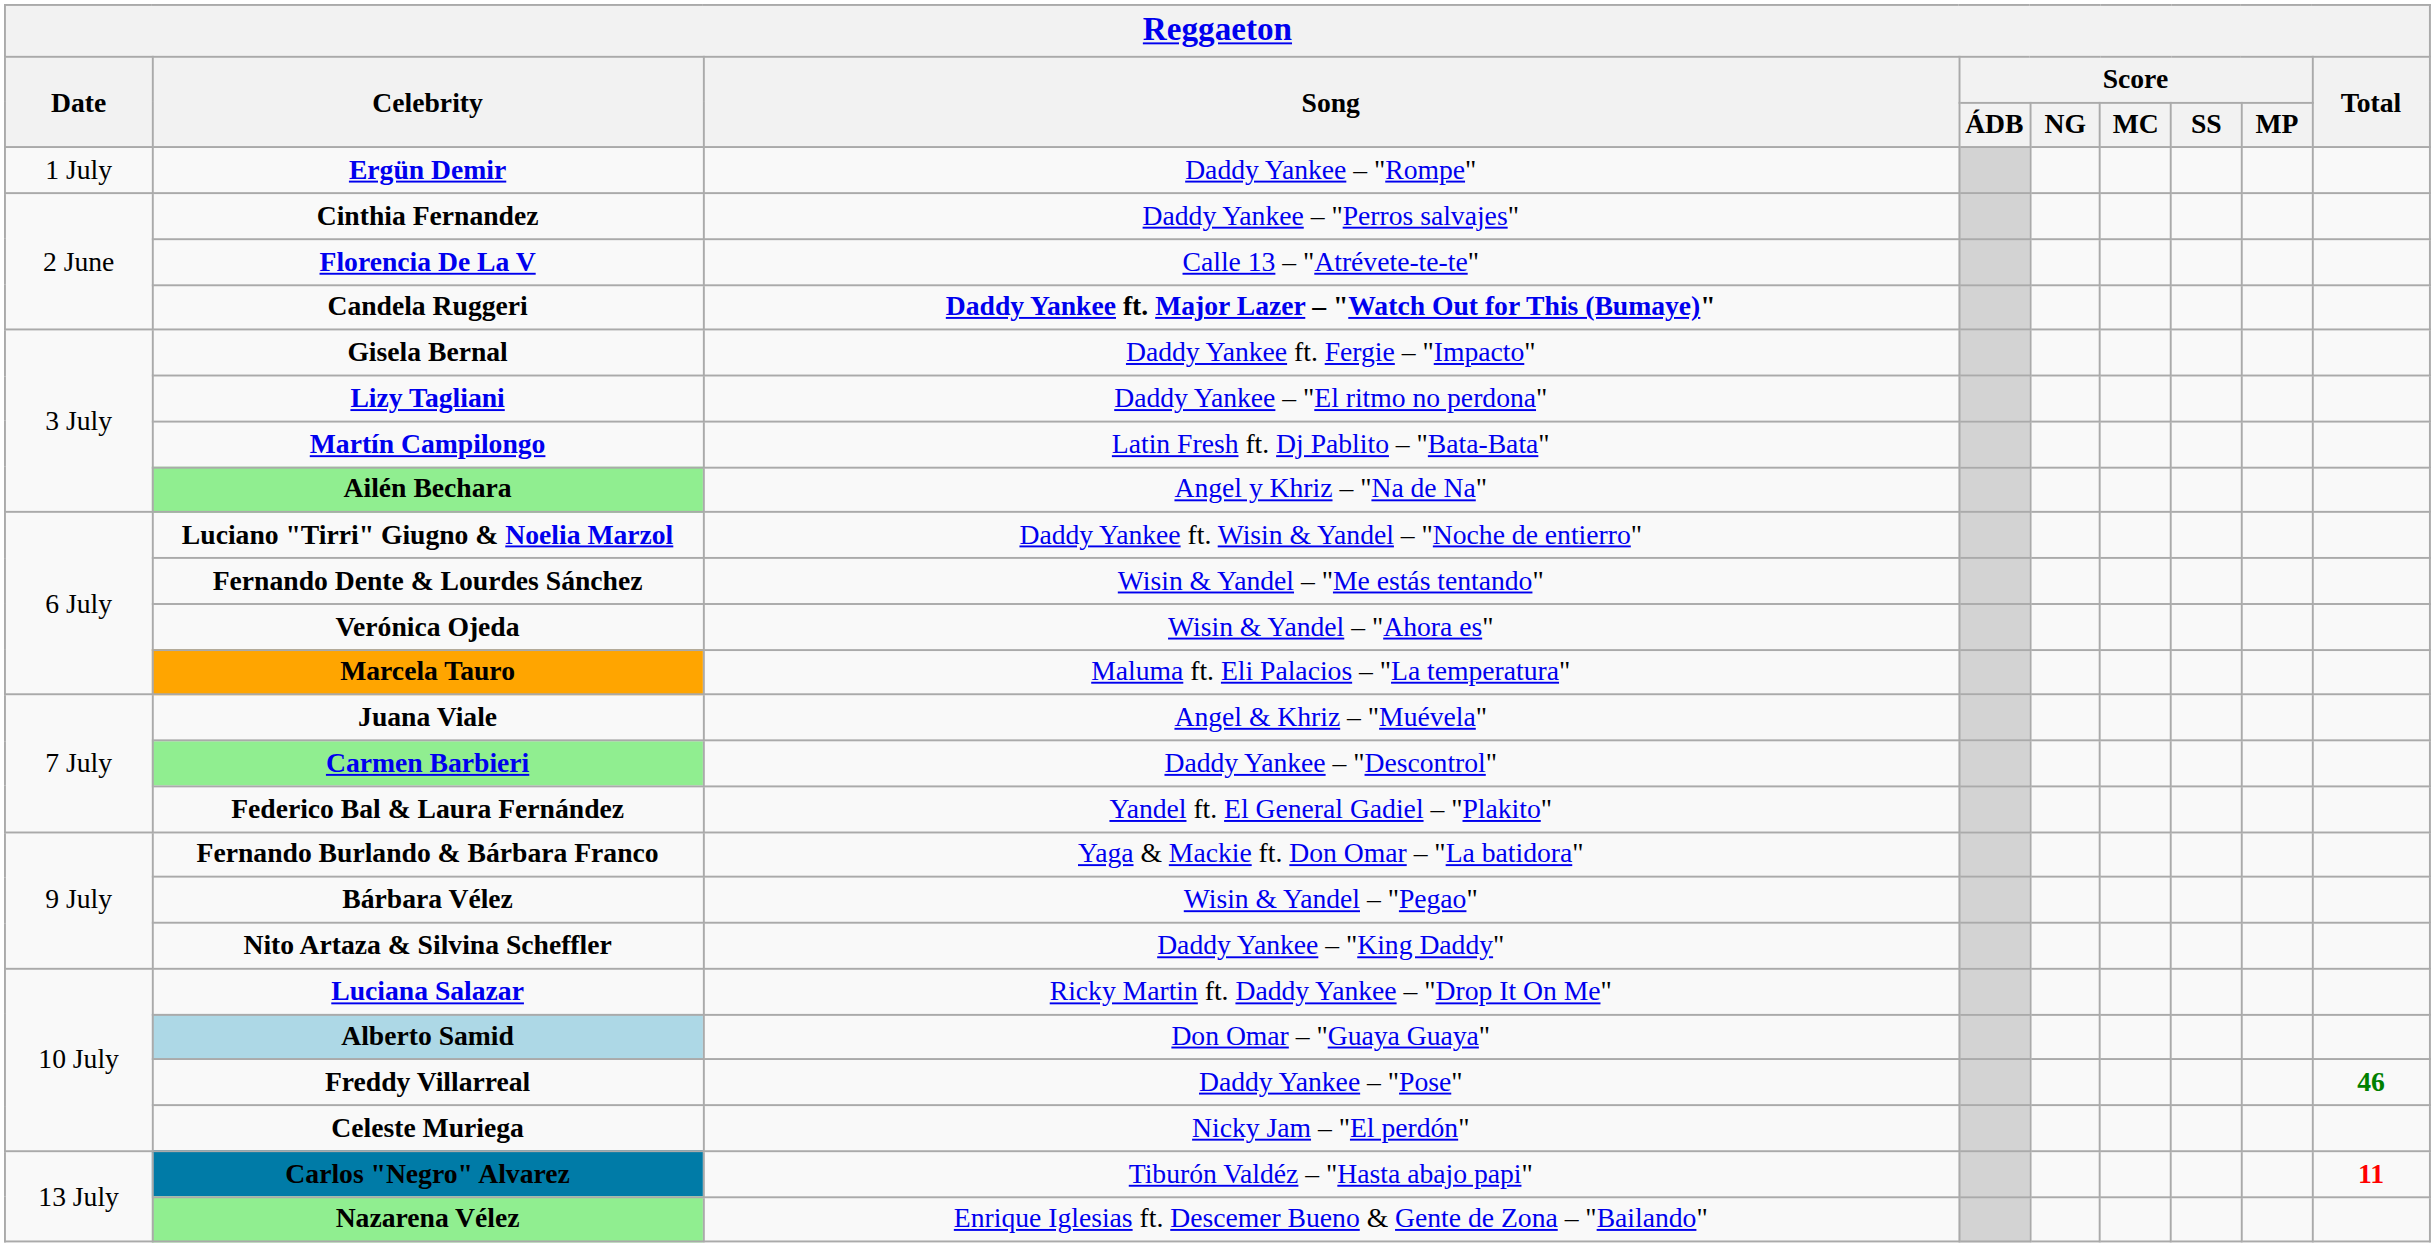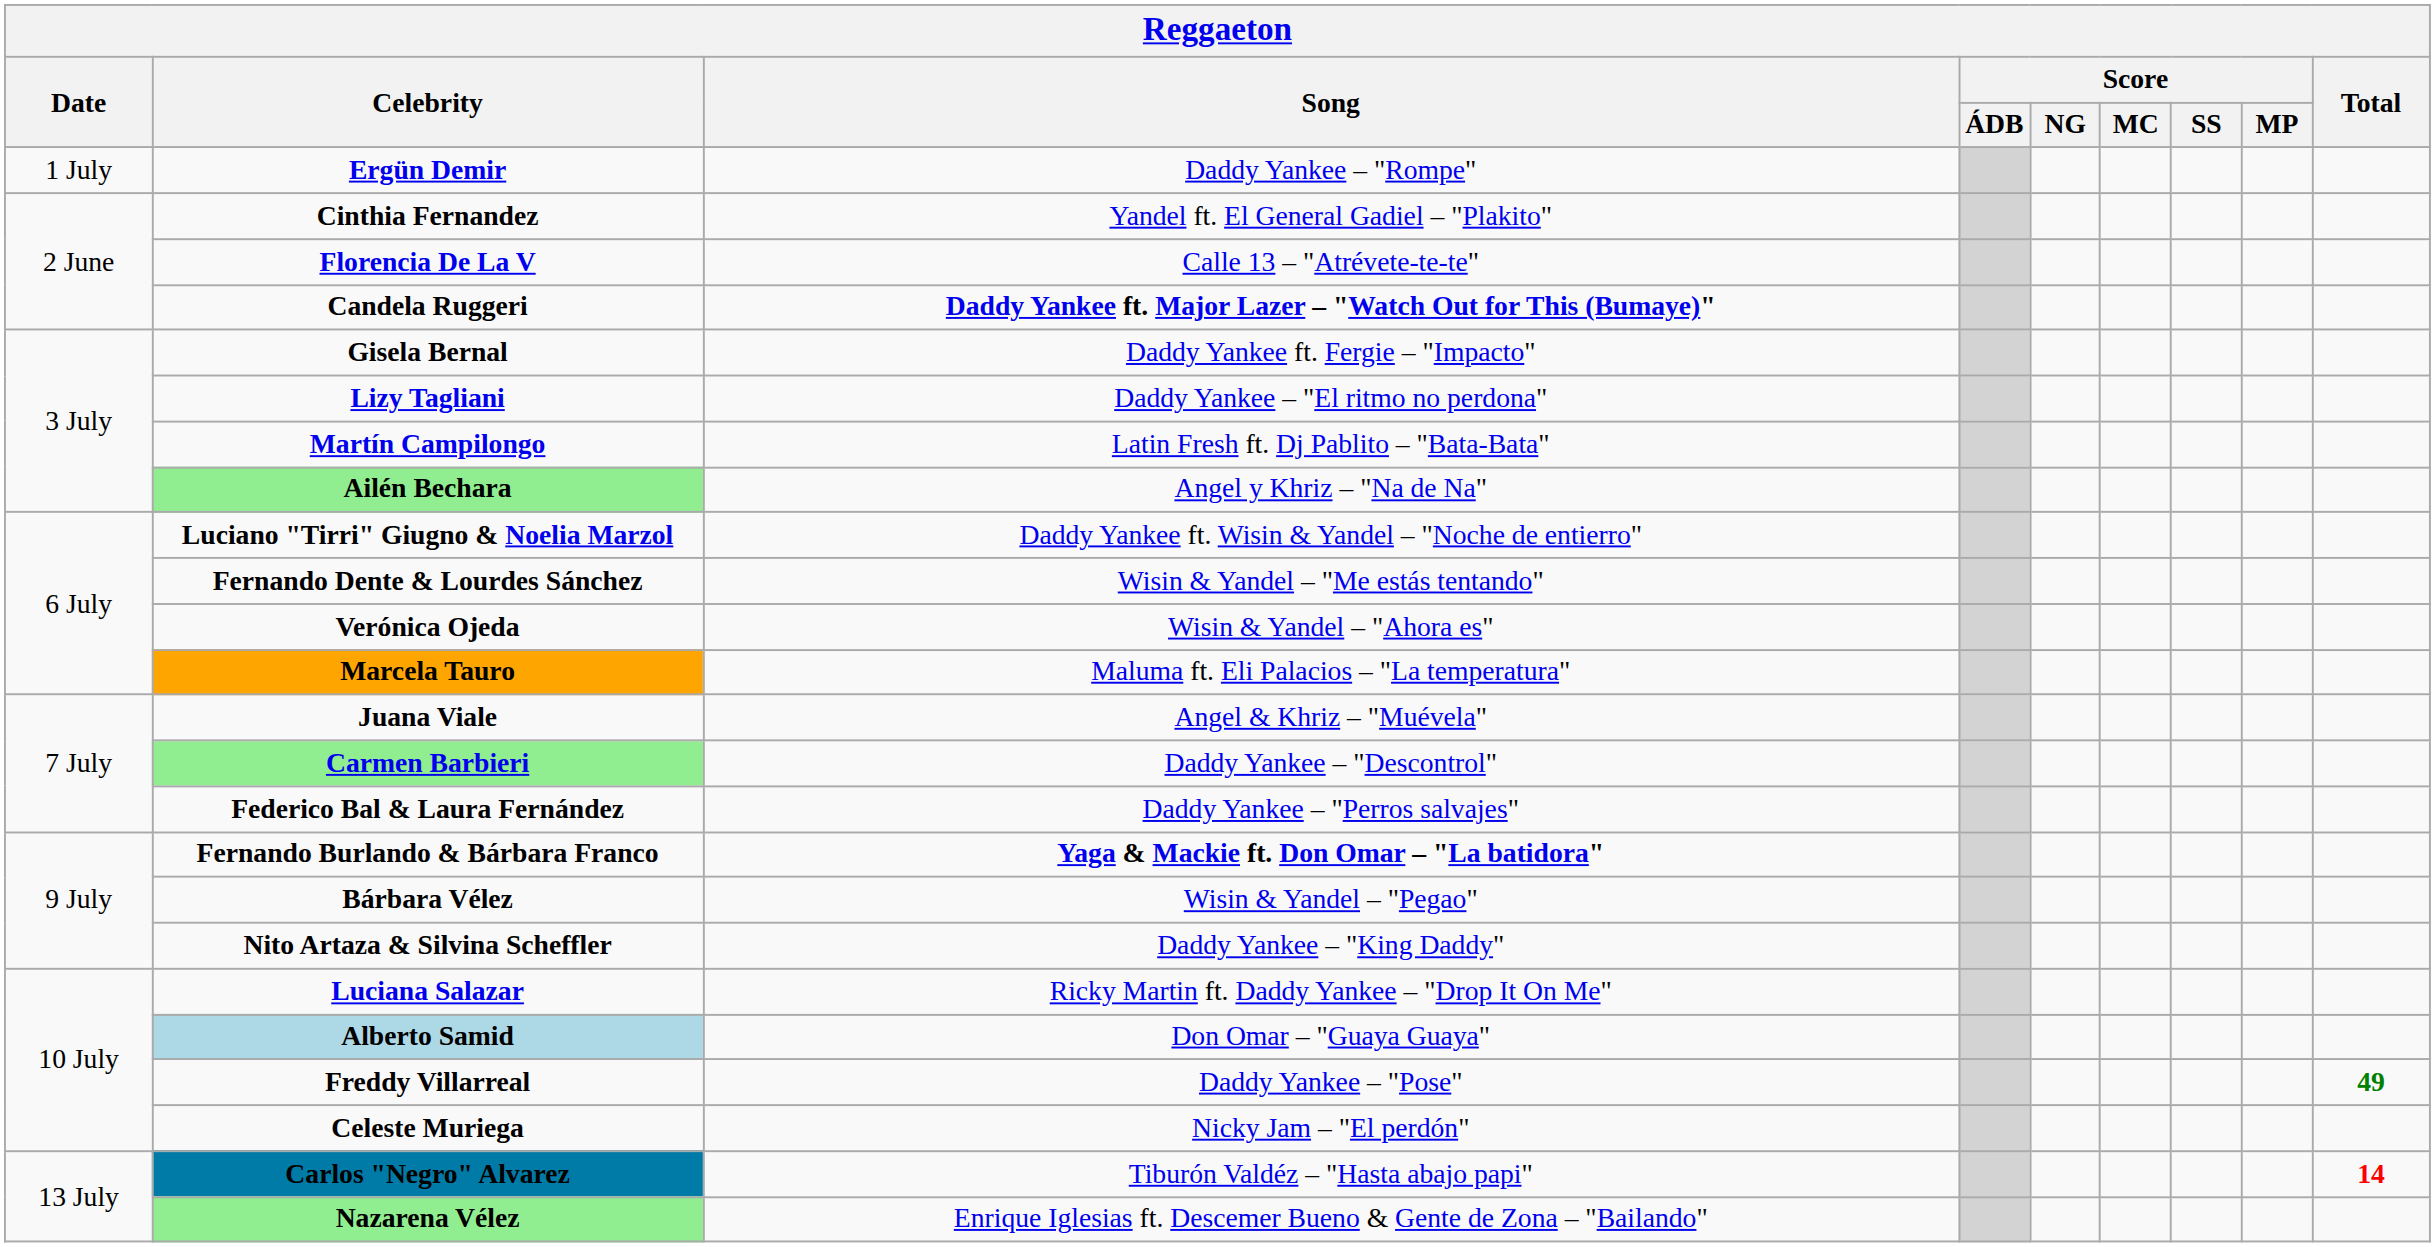 <table class="wikitable collapsible collapsed" style="font-size:90%; text-align: center; width: 100%;">
 <tr>
 <th colspan="11" style="with: 95%;" align=center><big><a href='#'>Reggaeton</a></big></th>
 </tr>
 <tr>
 <th width=70 rowspan="2">Date</th>
 <th width=280 rowspan="2">Celebrity</th>
 <th rowspan="2">Song</th>
 <th colspan="5">Score</th>
 <th rowspan="2">Total</th>
 </tr>
 <tr>
 <th width=30>ÁDB</th>
 <th width=30>NG</th>
 <th width=30>MC</th>
 <th width=30>SS</th>
 <th width=30>MP</th>
 </tr>
 <tr>
 <td>1 July</td>
 <td><strong><a href='#'>Ergün Demir</a></strong></td>
 <td><a href='#'>Daddy Yankee</a> – "<a href='#'>Rompe</a>"</td>
 <td bgcolor="lightgray"></td>
 <td></td>
 <td></td>
 <td></td>
 <td></td>
 <td></td>
 </tr>
 <tr>
 <td rowspan=3>2 June</td>
 <td><strong>Cinthia Fernandez</strong></td>
-<td><a href='#'>Daddy Yankee</a> – "<a href='#'>Perros salvajes</a>"</td>
+<td><a href='#'>Yandel</a> ft. <a href='#'>El General Gadiel</a> – "<a href='#'>Plakito</a>"</td>
 <td bgcolor="lightgray"></td>
 <td></td>
 <td></td>
 <td></td>
 <td></td>
 <td></td>
 </tr>
 <tr>
 <td><strong><a href='#'>Florencia De La V</a></strong></td>
 <td><a href='#'>Calle 13</a> – "<a href='#'>Atrévete-te-te</a>"</td>
 <td bgcolor="lightgray"></td>
 <td></td>
 <td></td>
 <td></td>
 <td></td>
 <td></td>
 </tr>
 <tr>
 <td><strong>Candela Ruggeri</strong></td>
 <td><strong><a href='#'>Daddy Yankee</a> ft. <a href='#'>Major Lazer</a> – "<a href='#'>Watch Out for This (Bumaye)</a>"</strong></td>
 <td bgcolor="lightgray"></td>
 <td></td>
 <td></td>
 <td></td>
 <td></td>
 <td></td>
 </tr>
 <tr>
 <td rowspan=4>3 July</td>
 <td><strong>Gisela Bernal</strong></td>
 <td><a href='#'>Daddy Yankee</a> ft. <a href='#'>Fergie</a> – "<a href='#'>Impacto</a>"</td>
 <td bgcolor="lightgray"></td>
 <td></td>
 <td></td>
 <td></td>
 <td></td>
 <td></td>
 </tr>
 <tr>
 <td><strong><a href='#'>Lizy Tagliani</a></strong></td>
 <td><a href='#'>Daddy Yankee</a> – "<a href='#'>El ritmo no perdona</a>"</td>
 <td bgcolor="lightgray"></td>
 <td></td>
 <td></td>
 <td></td>
 <td></td>
 <td></td>
 </tr>
 <tr>
 <td><strong><a href='#'>Martín Campilongo</a></strong></td>
 <td><a href='#'>Latin Fresh</a> ft. <a href='#'>Dj Pablito</a> – "<a href='#'>Bata-Bata</a>"</td>
 <td bgcolor="lightgray"></td>
 <td></td>
 <td></td>
 <td></td>
 <td></td>
 <td></td>
 </tr>
 <tr>
 <td style="background:lightgreen;"><strong>Ailén Bechara</strong></td>
 <td><a href='#'>Angel y Khriz</a> – "<a href='#'>Na de Na</a>"</td>
 <td bgcolor="lightgray"></td>
 <td></td>
 <td></td>
 <td></td>
 <td></td>
 <td></td>
 </tr>
 <tr>
 <td rowspan=4>6 July</td>
 <td><strong>Luciano "Tirri" Giugno & <a href='#'>Noelia Marzol</a></strong></td>
 <td><a href='#'>Daddy Yankee</a> ft. <a href='#'>Wisin & Yandel</a> – "<a href='#'>Noche de entierro</a>"</td>
 <td bgcolor="lightgray"></td>
 <td></td>
 <td></td>
 <td></td>
 <td></td>
 <td></td>
 </tr>
 <tr>
 <td><strong>Fernando Dente & Lourdes Sánchez</strong></td>
 <td><a href='#'>Wisin & Yandel</a> – "<a href='#'>Me estás tentando</a>"</td>
 <td bgcolor="lightgray"></td>
 <td></td>
 <td></td>
 <td></td>
 <td></td>
 <td></td>
 </tr>
 <tr>
 <td><strong>Verónica Ojeda</strong></td>
 <td><a href='#'>Wisin & Yandel</a> – "<a href='#'>Ahora es</a>"</td>
 <td bgcolor="lightgray"></td>
 <td></td>
 <td></td>
 <td></td>
 <td></td>
 <td></td>
 </tr>
 <tr>
 <td style="background:Orange;"><strong>Marcela Tauro</strong></td>
 <td><a href='#'>Maluma</a> ft. <a href='#'>Eli Palacios</a> – "<a href='#'>La temperatura</a>"</td>
 <td bgcolor="lightgray"></td>
 <td></td>
 <td></td>
 <td></td>
 <td></td>
 <td></td>
 </tr>
 <tr>
 <td rowspan=3>7 July</td>
 <td><strong>Juana Viale</strong></td>
 <td><a href='#'>Angel & Khriz</a> – "<a href='#'>Muévela</a>"</td>
 <td bgcolor="lightgray"></td>
 <td></td>
 <td></td>
 <td></td>
 <td></td>
 <td></td>
 </tr>
 <tr>
 <td style="background:lightgreen;"><strong><a href='#'>Carmen Barbieri</a></strong></td>
 <td><a href='#'>Daddy Yankee</a> – "<a href='#'>Descontrol</a>"</td>
 <td bgcolor="lightgray"></td>
 <td></td>
 <td></td>
 <td></td>
 <td></td>
 <td></td>
 </tr>
 <tr>
 <td><strong>Federico Bal & Laura Fernández</strong></td>
-<td><a href='#'>Yandel</a> ft. <a href='#'>El General Gadiel</a> – "<a href='#'>Plakito</a>"</td>
+<td><a href='#'>Daddy Yankee</a> – "<a href='#'>Perros salvajes</a>"</td>
 <td bgcolor="lightgray"></td>
 <td></td>
 <td></td>
 <td></td>
 <td></td>
 <td></td>
 </tr>
 <tr>
 <td rowspan=3>9 July</td>
 <td><strong>Fernando Burlando & Bárbara Franco</strong></td>
-<td><a href='#'>Yaga</a> & <a href='#'>Mackie</a> ft. <a href='#'>Don Omar</a> – "<a href='#'>La batidora</a>"</td>
+<td><strong><a href='#'>Yaga</a> & <a href='#'>Mackie</a> ft. <a href='#'>Don Omar</a> – "<a href='#'>La batidora</a>"</strong></td>
 <td bgcolor="lightgray"></td>
 <td></td>
 <td></td>
 <td></td>
 <td></td>
 <td></td>
 </tr>
 <tr>
 <td><strong>Bárbara Vélez</strong></td>
 <td><a href='#'>Wisin & Yandel</a> – "<a href='#'>Pegao</a>"</td>
 <td bgcolor="lightgray"></td>
 <td></td>
 <td></td>
 <td></td>
 <td></td>
 <td></td>
 </tr>
 <tr>
 <td><strong>Nito Artaza & Silvina Scheffler</strong></td>
 <td><a href='#'>Daddy Yankee</a> – "<a href='#'>King Daddy</a>"</td>
 <td bgcolor="lightgray"></td>
 <td></td>
 <td></td>
 <td></td>
 <td></td>
 <td></td>
 </tr>
 <tr>
 <td rowspan=4>10 July</td>
 <td><strong><a href='#'>Luciana Salazar</a></strong></td>
 <td><a href='#'>Ricky Martin</a> ft. <a href='#'>Daddy Yankee</a> – "<a href='#'>Drop It On Me</a>"</td>
 <td bgcolor="lightgray"></td>
 <td></td>
 <td></td>
 <td></td>
 <td></td>
 <td></td>
 </tr>
 <tr>
 <td style="background:lightblue;"><strong>Alberto Samid</strong></td>
 <td><a href='#'>Don Omar</a> – "<a href='#'>Guaya Guaya</a>"</td>
 <td bgcolor="lightgray"></td>
 <td></td>
 <td></td>
 <td></td>
 <td></td>
 <td></td>
 </tr>
 <tr>
 <td><strong>Freddy Villarreal</strong></td>
 <td><a href='#'>Daddy Yankee</a> – "<a href='#'>Pose</a>"</td>
 <td bgcolor="lightgray"></td>
 <td></td>
 <td></td>
 <td></td>
 <td></td>
-<td style="text-align:center; color:green;"><strong>46</strong></td>
+<td style="text-align:center; color:green;"><strong>49</strong></td>
 </tr>
 <tr>
 <td><strong>Celeste Muriega</strong></td>
 <td><a href='#'>Nicky Jam</a> – "<a href='#'>El perdón</a>"</td>
 <td bgcolor="lightgray"></td>
 <td></td>
 <td></td>
 <td></td>
 <td></td>
 <td></td>
 </tr>
 <tr>
 <td rowspan=2>13 July</td>
 <td style="background:#007BA7;"><strong>Carlos "Negro" Alvarez</strong></td>
 <td><a href='#'>Tiburón Valdéz</a> – "<a href='#'>Hasta abajo papi</a>"</td>
 <td bgcolor="lightgray"></td>
 <td></td>
 <td></td>
 <td></td>
 <td></td>
-<td style="text-align:center; color:red;"><strong>11</strong></td>
+<td style="text-align:center; color:red;"><strong>14</strong></td>
 </tr>
 <tr>
 <td style="background:lightgreen;"><strong>Nazarena Vélez</strong></td>
 <td><a href='#'>Enrique Iglesias</a> ft. <a href='#'>Descemer Bueno</a> & <a href='#'>Gente de Zona</a> – "<a href='#'>Bailando</a>"</td>
 <td bgcolor="lightgray"></td>
 <td></td>
 <td></td>
 <td></td>
 <td></td>
 <td></td>
 </tr>
 </table>
